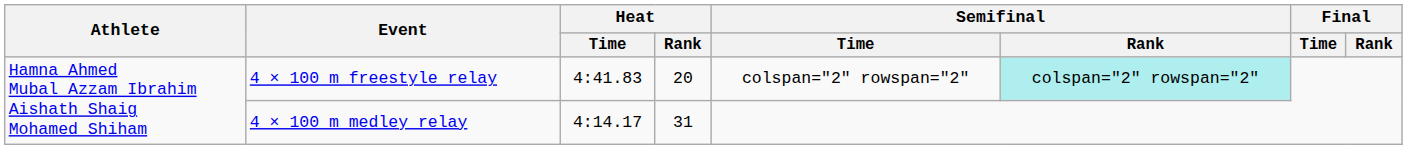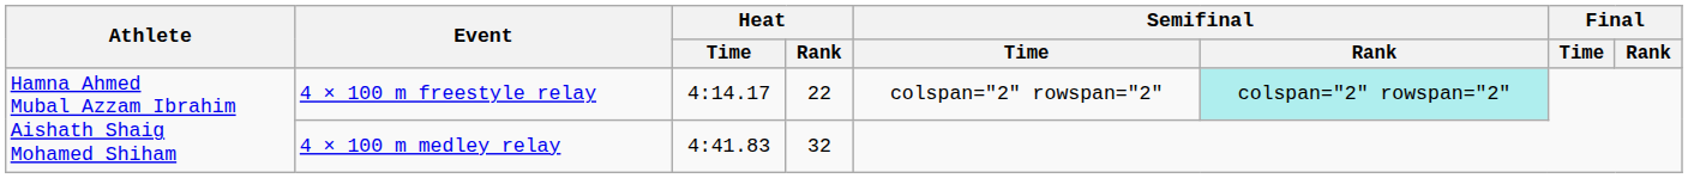 <table class="wikitable" style="text-align:center; font-size:90%; width:50%;">
 <tr>
 <th rowspan="2">Athlete</th>
 <th rowspan="2">Event</th>
 <th colspan="2">Heat</th>
 <th colspan="2">Semifinal</th>
 <th colspan="2">Final</th>
 </tr>
 <tr style="font-size:95%">
 <th>Time</th>
 <th>Rank</th>
 <th>Time</th>
 <th>Rank</th>
 <th>Time</th>
 <th>Rank</th>
 </tr>
 <tr>
 <td align=left rowspan=2><a href='#'>Hamna Ahmed</a> <br><a href='#'>Mubal Azzam Ibrahim</a> <br><a href='#'>Aishath Shaig</a> <br><a href='#'>Mohamed Shiham</a></td>
 <td align=left><a href='#'>4 × 100 m freestyle relay</a></td>
-<td>4:41.83</td>
-<td>20</td>
+<td>4:14.17</td>
+<td>22</td>
 <td>colspan="2" rowspan="2"</td>
 <td style="background: paleturquoise;">colspan="2" rowspan="2" </td>
 </tr>
 <tr>
 <td align=left><a href='#'>4 × 100 m medley relay</a></td>
-<td>4:14.17</td>
-<td>31</td>
+<td>4:41.83</td>
+<td>32</td>
 </tr>
 </table>
